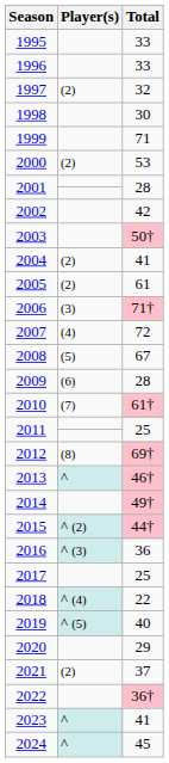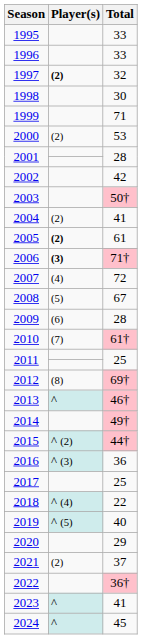 <table class="wikitable sortable" style="text-align:center">
 <tr>
 <th>Season</th>
 <th>Player(s)</th>
 <th>Total</th>
 </tr>
 <tr>
 <td><a href='#'>1995</a></td>
 <td align="left"></td>
 <td>33</td>
 </tr>
 <tr>
 <td><a href='#'>1996</a></td>
 <td align="left"></td>
 <td>33</td>
 </tr>
 <tr>
 <td><a href='#'>1997</a></td>
-<td align="left"> <small>(2)</small></td>
+<td align="left"><strong> <small>(2)</small></strong></td>
 <td>32</td>
 </tr>
 <tr>
 <td><a href='#'>1998</a></td>
 <td align="left"></td>
 <td>30</td>
 </tr>
 <tr>
 <td><a href='#'>1999</a></td>
 <td align="left"></td>
 <td>71</td>
 </tr>
 <tr>
 <td><a href='#'>2000</a></td>
 <td align="left"> <small>(2)</small></td>
 <td>53</td>
 </tr>
 <tr>
 <td rowspan="2"><a href='#'>2001</a></td>
 <td align="left"></td>
 <td rowspan="2">28</td>
 </tr>
 <tr>
 <td align=left></td>
 </tr>
 <tr>
 <td><a href='#'>2002</a></td>
 <td align=left></td>
 <td>42</td>
 </tr>
 <tr>
 <td><a href='#'>2003</a></td>
 <td align=left></td>
 <td align=center bgcolor="#FFC0CB">50†</td>
 </tr>
 <tr>
 <td><a href='#'>2004</a></td>
 <td align=left> <small>(2)</small></td>
 <td>41</td>
 </tr>
 <tr>
 <td><a href='#'>2005</a></td>
-<td align=left> <small>(2)</small></td>
+<td align=left><strong> <small>(2)</small></strong></td>
 <td>61</td>
 </tr>
 <tr>
 <td><a href='#'>2006</a></td>
-<td align=left> <small>(3)</small></td>
+<td align=left><strong> <small>(3)</small></strong></td>
 <td align=center bgcolor="#FFC0CB">71†</td>
 </tr>
 <tr>
 <td><a href='#'>2007</a></td>
 <td align=left> <small>(4)</small></td>
 <td>72</td>
 </tr>
 <tr>
 <td><a href='#'>2008</a></td>
 <td align=left> <small>(5)</small></td>
 <td>67</td>
 </tr>
 <tr>
 <td><a href='#'>2009</a></td>
 <td align=left> <small>(6)</small></td>
 <td>28</td>
 </tr>
 <tr>
 <td><a href='#'>2010</a></td>
 <td align=left> <small>(7)</small></td>
 <td align=center bgcolor="#FFC0CB">61†</td>
 </tr>
 <tr>
 <td rowspan=2><a href='#'>2011</a></td>
 <td align=left></td>
 <td rowspan="2">25</td>
 </tr>
 <tr>
 <td align=left></td>
 </tr>
 <tr>
 <td><a href='#'>2012</a></td>
 <td align=left> <small>(8)</small></td>
 <td align=center bgcolor="#FFC0CB">69†</td>
 </tr>
 <tr>
 <td><a href='#'>2013</a></td>
 <td align=left bgcolor="#CFECEC">^</td>
 <td align=center bgcolor="#FFC0CB">46†</td>
 </tr>
 <tr>
 <td><a href='#'>2014</a></td>
 <td align=left></td>
 <td align=center bgcolor="#FFC0CB">49†</td>
 </tr>
 <tr>
 <td><a href='#'>2015</a></td>
 <td align=left bgcolor="#CFECEC">^ <small>(2)</small></td>
 <td align=center bgcolor="#FFC0CB">44†</td>
 </tr>
 <tr>
 <td><a href='#'>2016</a></td>
 <td align=left bgcolor="#CFECEC">^ <small>(3)</small></td>
 <td>36</td>
 </tr>
 <tr>
 <td><a href='#'>2017</a></td>
 <td align=left></td>
 <td>25</td>
 </tr>
 <tr>
 <td><a href='#'>2018</a></td>
 <td align=left bgcolor="#CFECEC">^ <small>(4)</small></td>
 <td>22</td>
 </tr>
 <tr>
 <td><a href='#'>2019</a></td>
 <td align=left bgcolor="#CFECEC">^ <small>(5)</small></td>
 <td>40</td>
 </tr>
 <tr>
 <td><a href='#'>2020</a></td>
 <td align=left></td>
 <td>29</td>
 </tr>
 <tr>
 <td><a href='#'>2021</a></td>
 <td align=left> <small>(2)</small></td>
 <td>37</td>
 </tr>
 <tr>
 <td><a href='#'>2022</a></td>
 <td align=left></td>
 <td align=center bgcolor="#FFC0CB">36†</td>
 </tr>
 <tr>
 <td><a href='#'>2023</a></td>
 <td align=left bgcolor="#CFECEC">^</td>
 <td>41</td>
 </tr>
 <tr>
 <td><a href='#'>2024</a></td>
 <td align=left bgcolor="#CFECEC">^</td>
 <td>45</td>
 </tr>
 </table>
